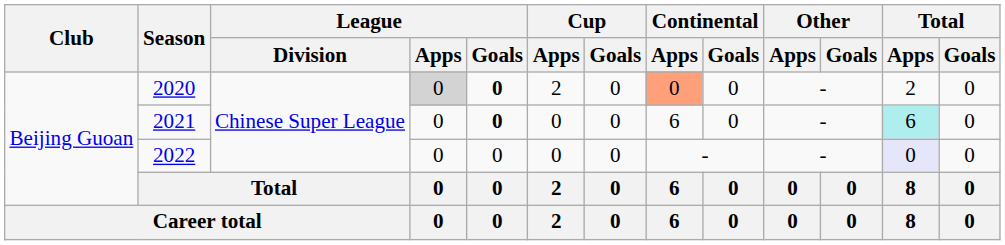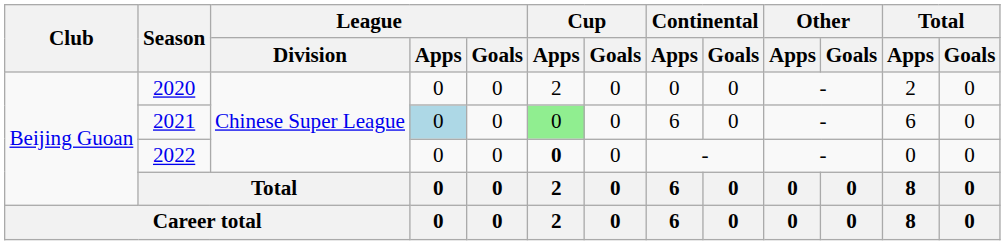 <table class="wikitable" style="text-align: center">
 <tr>
 <th rowspan="2">Club</th>
 <th rowspan="2">Season</th>
 <th colspan="3">League</th>
 <th colspan="2">Cup</th>
 <th colspan="2">Continental</th>
 <th colspan="2">Other</th>
 <th colspan="2">Total</th>
 </tr>
 <tr>
 <th>Division</th>
 <th>Apps</th>
 <th>Goals</th>
 <th>Apps</th>
 <th>Goals</th>
 <th>Apps</th>
 <th>Goals</th>
 <th>Apps</th>
 <th>Goals</th>
 <th>Apps</th>
 <th>Goals</th>
 </tr>
 <tr>
 <td rowspan="4"><a href='#'>Beijing Guoan</a></td>
 <td><a href='#'>2020</a></td>
 <td rowspan="3"><a href='#'>Chinese Super League</a></td>
-<td style="background: lightgrey;">0</td>
-<td><strong>0</strong></td>
+<td>0</td>
+<td>0</td>
 <td>2</td>
 <td>0</td>
-<td style="background: lightsalmon;">0</td>
+<td>0</td>
 <td>0</td>
 <td colspan="2">-</td>
 <td>2</td>
 <td>0</td>
 </tr>
 <tr>
 <td><a href='#'>2021</a></td>
+<td style="background: lightblue;">0</td>
 <td>0</td>
-<td><strong>0</strong></td>
-<td>0</td>
+<td style="background: lightgreen;">0</td>
 <td>0</td>
 <td>6</td>
 <td>0</td>
 <td colspan="2">-</td>
-<td style="background: paleturquoise;">6</td>
+<td>6</td>
 <td>0</td>
 </tr>
 <tr>
 <td><a href='#'>2022</a></td>
 <td>0</td>
 <td>0</td>
-<td>0</td>
+<td><strong>0</strong></td>
 <td>0</td>
 <td colspan="2">-</td>
 <td colspan="2">-</td>
-<td style="background: lavender;">0</td>
+<td>0</td>
 <td>0</td>
 </tr>
 <tr>
 <th colspan=2>Total</th>
 <th>0</th>
 <th>0</th>
 <th>2</th>
 <th>0</th>
 <th>6</th>
 <th>0</th>
 <th>0</th>
 <th>0</th>
 <th>8</th>
 <th>0</th>
 </tr>
 <tr>
 <th colspan=3>Career total</th>
 <th>0</th>
 <th>0</th>
 <th>2</th>
 <th>0</th>
 <th>6</th>
 <th>0</th>
 <th>0</th>
 <th>0</th>
 <th>8</th>
 <th>0</th>
 </tr>
 </table>
